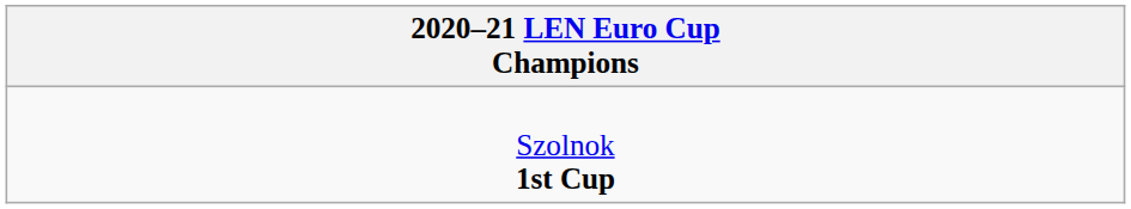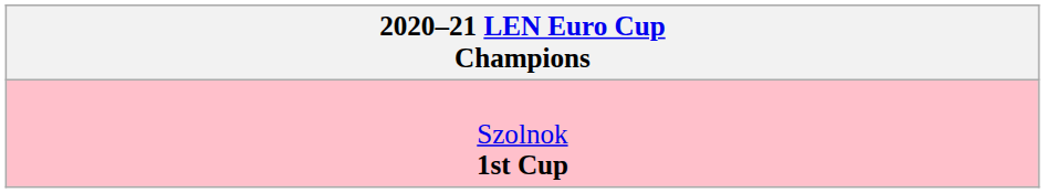 <table class="wikitable" style="margin: 0 auto; width: 30%;">
 <tr>
 <th>2020–21 <a href='#'>LEN Euro Cup</a><br>Champions</th>
 </tr>
 <tr>
-<td align=center><br><a href='#'>Szolnok</a><br><strong>1st Cup</strong></td>
+<td align=center style="background: pink;"><br><a href='#'>Szolnok</a><br><strong>1st Cup</strong></td>
 </tr>
 </table>
